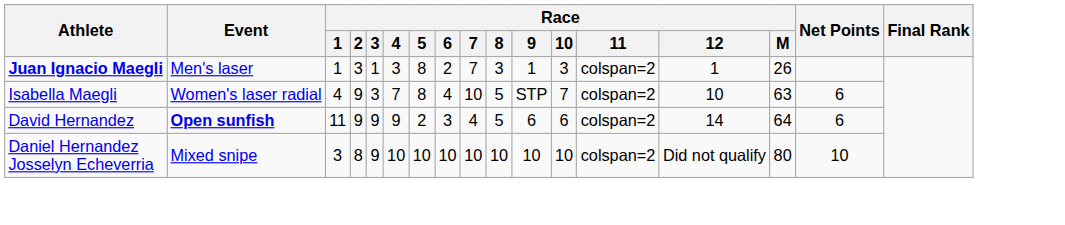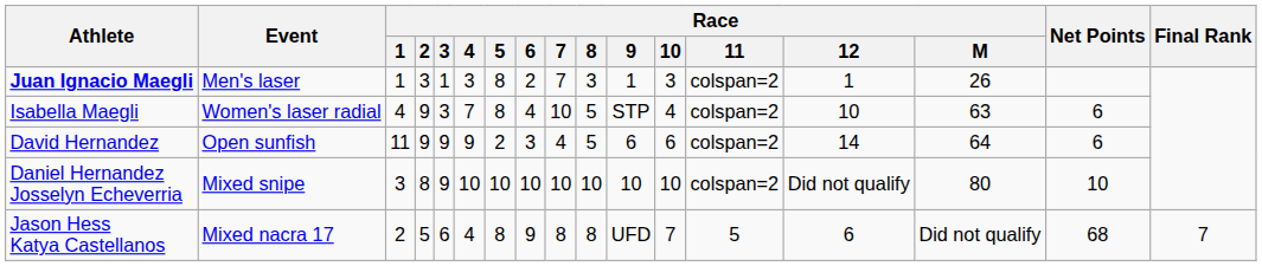 <table class="wikitable" border="1" style="font-size:90%">
 <tr>
 <th rowspan=2>Athlete</th>
 <th rowspan=2>Event</th>
 <th colspan=13>Race</th>
 <th rowspan=2>Net Points</th>
 <th rowspan=2>Final Rank</th>
 </tr>
 <tr>
 <th>1</th>
 <th>2</th>
 <th>3</th>
 <th>4</th>
 <th>5</th>
 <th>6</th>
 <th>7</th>
 <th>8</th>
 <th>9</th>
 <th>10</th>
 <th>11</th>
 <th>12</th>
 <th>M</th>
 </tr>
 <tr align=center>
 <td align=left><strong><a href='#'>Juan Ignacio Maegli</a></strong></td>
 <td align=left><a href='#'>Men's laser</a></td>
 <td>1</td>
 <td>3</td>
 <td>1</td>
 <td>3</td>
 <td>8</td>
 <td>2</td>
 <td>7</td>
 <td>3</td>
 <td>1</td>
 <td>3</td>
 <td>colspan=2 </td>
 <td>1</td>
 <td>26</td>
 <td></td>
 </tr>
 <tr align=center>
 <td align=left><a href='#'>Isabella Maegli</a></td>
 <td align=left><a href='#'>Women's laser radial</a></td>
 <td>4</td>
 <td>9</td>
 <td>3</td>
 <td>7</td>
 <td>8</td>
 <td>4</td>
 <td>10</td>
 <td>5</td>
 <td>STP</td>
-<td>7</td>
+<td>4</td>
 <td>colspan=2 </td>
 <td>10</td>
 <td>63</td>
 <td>6</td>
 </tr>
 <tr align=center>
 <td align=left><a href='#'>David Hernandez</a></td>
-<td align=left><strong><a href='#'>Open sunfish</a></strong></td>
+<td align=left><a href='#'>Open sunfish</a></td>
 <td>11</td>
 <td>9</td>
 <td>9</td>
 <td>9</td>
 <td>2</td>
 <td>3</td>
 <td>4</td>
 <td>5</td>
 <td>6</td>
 <td>6</td>
 <td>colspan=2 </td>
 <td>14</td>
 <td>64</td>
 <td>6</td>
 </tr>
 <tr align=center>
 <td align=left><a href='#'>Daniel Hernandez</a><br><a href='#'>Josselyn Echeverria</a></td>
 <td align=left><a href='#'>Mixed snipe</a></td>
 <td>3</td>
 <td>8</td>
 <td>9</td>
 <td>10</td>
 <td>10</td>
 <td>10</td>
 <td>10</td>
 <td>10</td>
 <td>10</td>
 <td>10</td>
 <td>colspan=2 </td>
 <td>Did not qualify</td>
 <td>80</td>
 <td>10</td>
 </tr>
+<tr align=center>
+<td align=left><a href='#'>Jason Hess</a><br><a href='#'>Katya Castellanos</a></td>
+<td align=left><a href='#'>Mixed nacra 17</a></td>
+<td>2</td>
+<td>5</td>
+<td>6</td>
+<td>4</td>
+<td>8</td>
+<td>9</td>
+<td>8</td>
+<td>8</td>
+<td>UFD</td>
+<td>7</td>
+<td>5</td>
+<td>6</td>
+<td>Did not qualify</td>
+<td>68</td>
+<td>7</td>
+</tr>
 </table>
